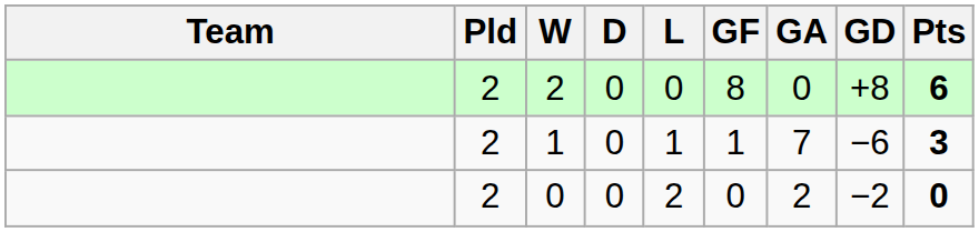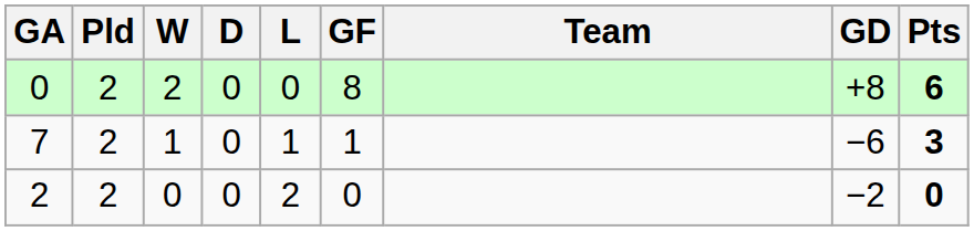 <table class=wikitable style="text-align:center">
 <tr>
-<th width=200>Team</th>
+<th width=20>GA</th>
 <th width=20>Pld</th>
 <th width=20>W</th>
 <th width=20>D</th>
 <th width=20>L</th>
 <th width=20>GF</th>
-<th width=20>GA</th>
+<th width=200>Team</th>
 <th width=20>GD</th>
 <th width=20>Pts</th>
 </tr>
 <tr style="background:#ccffcc">
-<td align="left"></td>
+<td>0</td>
 <td>2</td>
 <td>2</td>
 <td>0</td>
 <td>0</td>
 <td>8</td>
-<td>0</td>
+<td align="left"></td>
 <td>+8</td>
 <td><strong>6</strong></td>
 </tr>
 <tr>
-<td align="left"></td>
+<td>7</td>
 <td>2</td>
 <td>1</td>
 <td>0</td>
 <td>1</td>
 <td>1</td>
-<td>7</td>
+<td align="left"></td>
 <td>−6</td>
 <td><strong>3</strong></td>
 </tr>
 <tr>
-<td align="left"></td>
+<td>2</td>
 <td>2</td>
 <td>0</td>
 <td>0</td>
 <td>2</td>
 <td>0</td>
-<td>2</td>
+<td align="left"></td>
 <td>−2</td>
 <td><strong>0</strong></td>
 </tr>
 </table>
